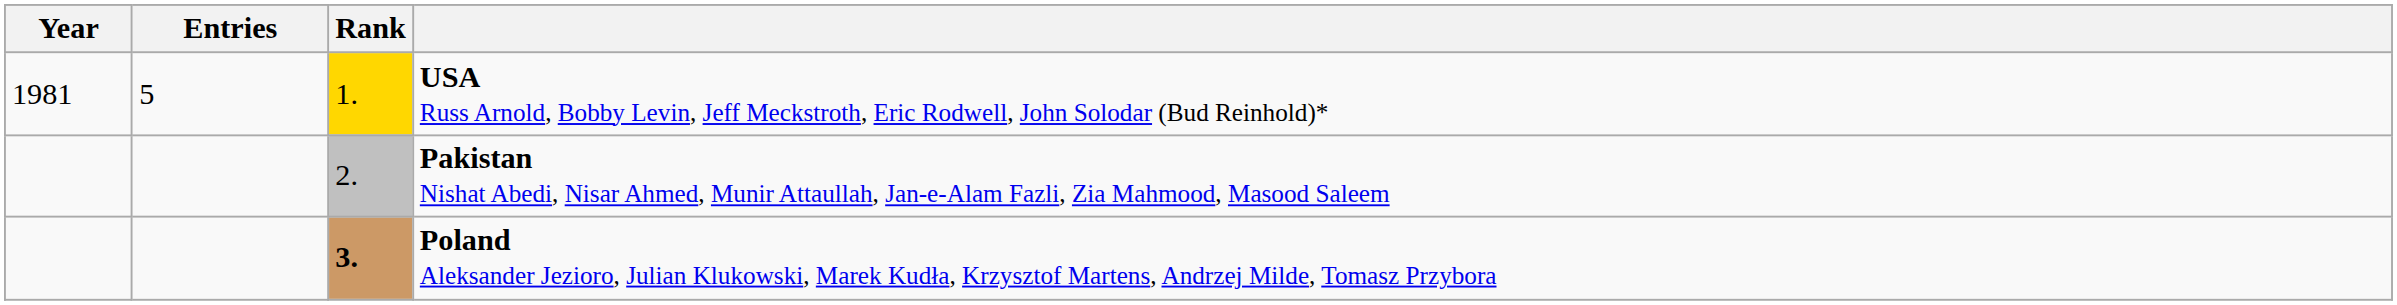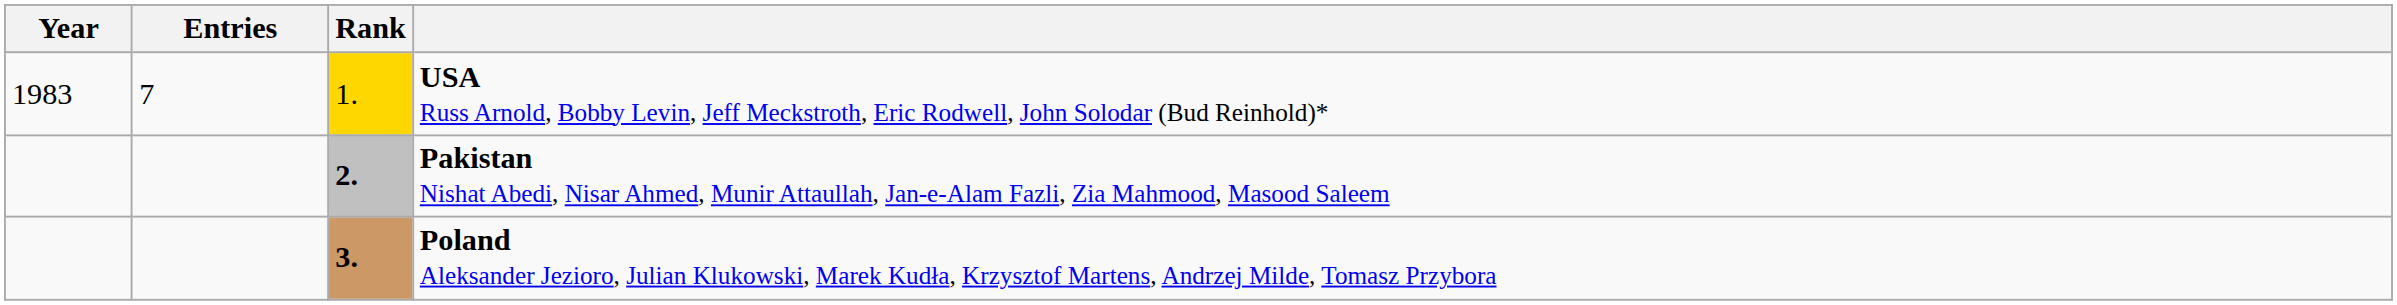 <table class="wikitable" style="width:100%;">
 <tr>
 <th>Year</th>
 <th>Entries</th>
 <th>Rank</th>
 <th></th>
 </tr>
 <tr>
-<td width = 60>1981</td>
-<td>5</td>
+<td width = 60>1983</td>
+<td>7</td>
 <td style="background:gold; width:30px;">1.</td>
 <td> <strong>USA</strong><br><small><a href='#'>Russ Arnold</a>, <a href='#'>Bobby Levin</a>, <a href='#'>Jeff Meckstroth</a>, <a href='#'>Eric Rodwell</a>, <a href='#'>John Solodar</a> (Bud Reinhold)*</small></td>
 </tr>
 <tr>
 <td></td>
 <td></td>
-<td style="background:silver;">2.</td>
+<td style="background:silver;"><strong>2.</strong></td>
 <td> <strong>Pakistan</strong><br><small><a href='#'>Nishat Abedi</a>, <a href='#'>Nisar Ahmed</a>, <a href='#'>Munir Attaullah</a>, <a href='#'>Jan-e-Alam Fazli</a>, <a href='#'>Zia Mahmood</a>, <a href='#'>Masood Saleem</a></small></td>
 </tr>
 <tr>
 <td></td>
 <td></td>
 <td style="background:#c96;"><strong>3.</strong></td>
 <td> <strong>Poland</strong><br><small><a href='#'>Aleksander Jezioro</a>, <a href='#'>Julian Klukowski</a>, <a href='#'>Marek Kudła</a>, <a href='#'>Krzysztof Martens</a>, <a href='#'>Andrzej Milde</a>, <a href='#'>Tomasz Przybora</a></small></td>
 </tr>
 </table>
